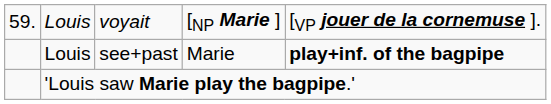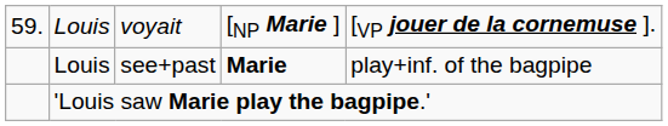 <table class="wikitable">
 <tr>
 <td>59.</td>
 <td><em>Louis</em></td>
 <td><em>voyait</em></td>
 <td>[<sub>NP</sub> <strong><em>Marie</em></strong> ]</td>
 <td>[<sub>VP</sub> <strong><u><em>jouer de la cornemuse</em></u></strong> ].</td>
 </tr>
 <tr>
 <td></td>
 <td>Louis</td>
 <td>see+past</td>
-<td>Marie</td>
-<td><strong>play+inf. of the bagpipe</strong></td>
+<td><strong>Marie</strong></td>
+<td>play+inf. of the bagpipe</td>
 </tr>
 <tr>
 <td></td>
 <td colspan="4">'Louis saw <strong>Marie play the bagpipe</strong>.'</td>
 </tr>
 </table>
